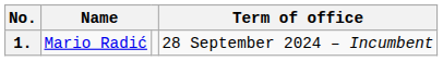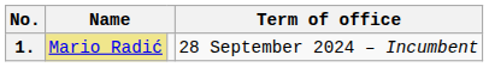 <table class="wikitable" style="text-align:center">
 <tr>
 <th colspan="1">No.</th>
 <th colspan="2">Name</th>
 <th>Term of office</th>
 </tr>
 <tr>
 <th>1.</th>
-<td><a href='#'>Mario Radić</a></td>
+<td style="background: khaki;"><a href='#'>Mario Radić</a></td>
 <td></td>
 <td>28 September 2024 – <em>Incumbent</em></td>
 </tr>
 </table>
